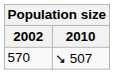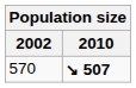 <table class="wikitable">
 <tr>
 <th colspan="2">Population size</th>
 </tr>
 <tr>
 <th>2002</th>
 <th>2010</th>
 </tr>
 <tr>
 <td>570</td>
-<td>↘ 507</td>
+<td><strong>↘ 507</strong></td>
 </tr>
 </table>
